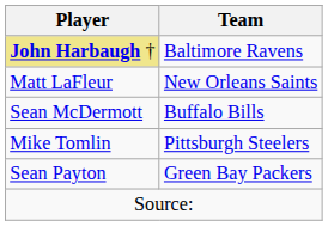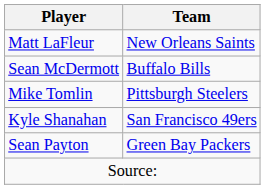 <table class="wikitable sortable">
 <tr>
 <th>Player</th>
 <th>Team</th>
-</tr>
-<tr>
-<td style="background-color:Khaki; border:1px solid #aaaaaa"><strong><a href='#'>John Harbaugh</a></strong> †</td>
-<td><a href='#'>Baltimore Ravens</a></td>
 </tr>
 <tr>
 <td><a href='#'>Matt LaFleur</a></td>
 <td><a href='#'>New Orleans Saints</a></td>
 </tr>
 <tr>
 <td><a href='#'>Sean McDermott</a></td>
 <td><a href='#'>Buffalo Bills</a></td>
 </tr>
 <tr>
 <td><a href='#'>Mike Tomlin</a></td>
 <td><a href='#'>Pittsburgh Steelers</a></td>
 </tr>
 <tr>
+<td><a href='#'>Kyle Shanahan</a></td>
+<td><a href='#'>San Francisco 49ers</a></td>
+</tr>
+<tr>
 <td><a href='#'>Sean Payton</a></td>
 <td><a href='#'>Green Bay Packers</a></td>
 </tr>
 <tr>
 <td colspan="2" style="text-align:center;">Source:</td>
 </tr>
 </table>
